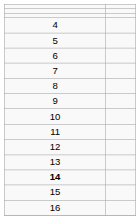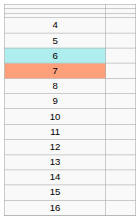 <table class="wikitable" width="220px">
 <tr>
 <td align=center></td>
 <td></td>
 </tr>
 <tr>
 <td align=center></td>
 <td></td>
 </tr>
 <tr>
 <td align=center></td>
 <td></td>
 </tr>
 <tr>
 <td align=center>4</td>
 <td></td>
 </tr>
 <tr>
 <td align=center>5</td>
 <td></td>
 </tr>
 <tr>
-<td align=center>6</td>
+<td align=center style="background: paleturquoise;">6</td>
 <td></td>
 </tr>
 <tr>
-<td align=center>7</td>
+<td align=center style="background: lightsalmon;">7</td>
 <td></td>
 </tr>
 <tr>
 <td align=center>8</td>
 <td></td>
 </tr>
 <tr>
 <td align=center>9</td>
 <td></td>
 </tr>
 <tr>
 <td align=center>10</td>
 <td></td>
 </tr>
 <tr>
 <td align=center>11</td>
 <td></td>
 </tr>
 <tr>
 <td align=center>12</td>
 <td></td>
 </tr>
 <tr>
 <td align=center>13</td>
 <td></td>
 </tr>
 <tr>
-<td align=center><strong>14</strong></td>
+<td align=center>14</td>
 <td></td>
 </tr>
 <tr>
 <td align=center>15</td>
 <td></td>
 </tr>
 <tr>
 <td align=center>16</td>
 <td></td>
 </tr>
 <tr>
 </tr>
 </table>
